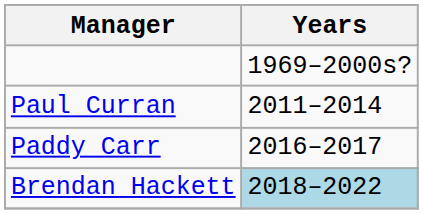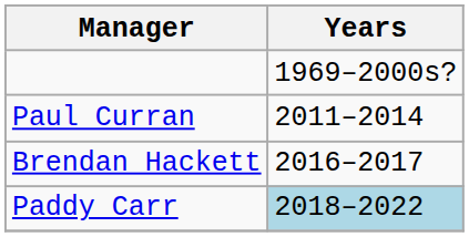 <table class="wikitable">
 <tr>
 <th>Manager</th>
 <th>Years</th>
 </tr>
 <tr>
 <td></td>
 <td>1969–2000s?</td>
 </tr>
 <tr>
 <td><a href='#'>Paul Curran</a></td>
 <td> 2011–2014</td>
 </tr>
 <tr>
-<td><a href='#'>Paddy Carr</a></td>
+<td><a href='#'>Brendan Hackett</a></td>
 <td> 2016–2017</td>
 </tr>
 <tr>
-<td><a href='#'>Brendan Hackett</a></td>
+<td><a href='#'>Paddy Carr</a></td>
 <td style="background: lightblue;"> 2018–2022</td>
 </tr>
 <tr>
 </tr>
 </table>
